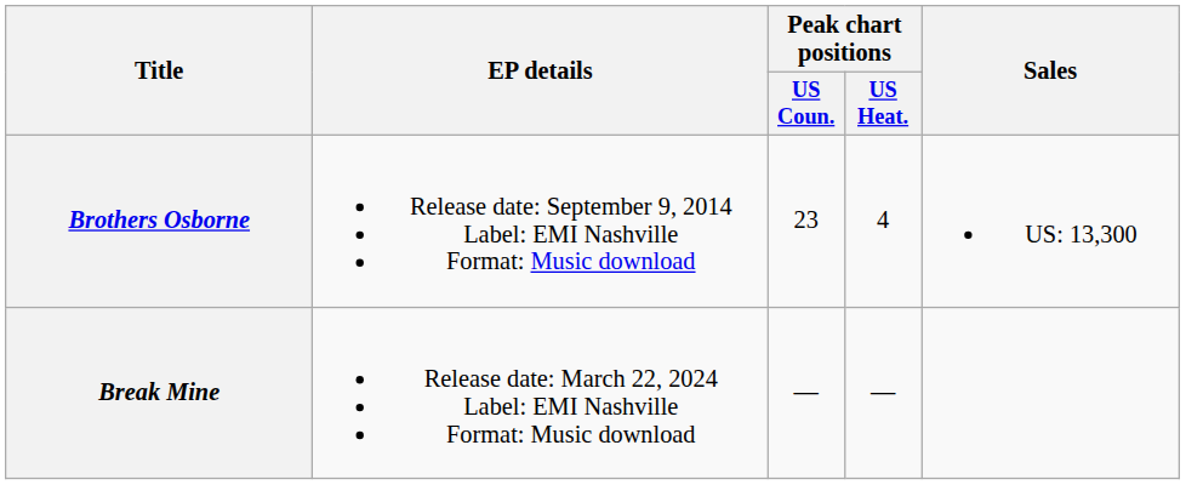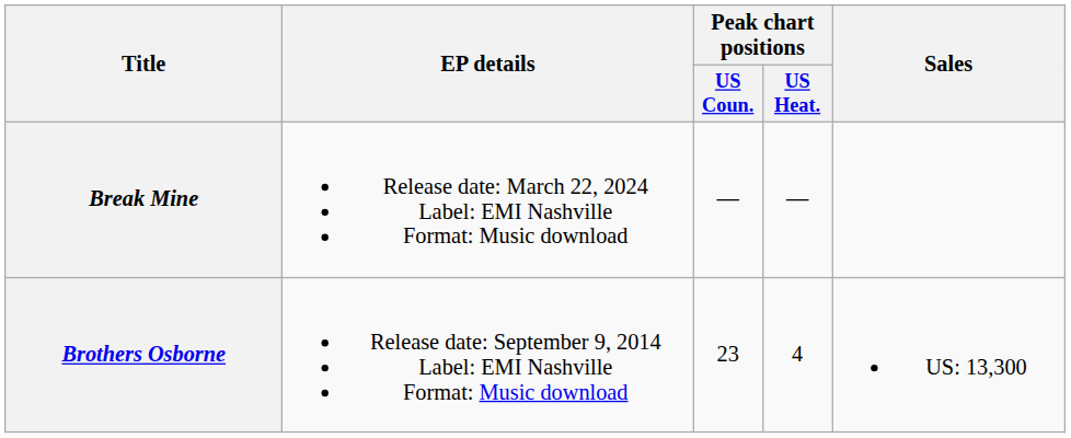 <table class="wikitable plainrowheaders" style="text-align:center;">
 <tr>
 <th scope="col" rowspan="2" style="width:12em;">Title</th>
 <th scope="col" rowspan="2" style="width:18em;">EP details</th>
 <th scope="col" colspan="2">Peak chart positions</th>
 <th scope="col" rowspan="2" style="width:10em;">Sales</th>
 </tr>
 <tr>
 <th scope="col" style="width:3em;font-size:90%;"><a href='#'>US<br>Coun.</a><br></th>
 <th scope="col" style="width:3em;font-size:90%;"><a href='#'>US<br>Heat.</a><br></th>
 </tr>
 <tr>
+<th scope="row"><em>Break Mine</em></th>
+<td><br><ul><li>Release date: March 22, 2024</li><li>Label: EMI Nashville</li><li>Format: Music download</li></ul></td>
+<td>—</td>
+<td>—</td>
+<td></td>
+</tr>
+<tr>
 <th scope="row"><em><a href='#'>Brothers Osborne</a></em></th>
 <td><br><ul><li>Release date: September 9, 2014</li><li>Label: EMI Nashville</li><li>Format: <a href='#'>Music download</a></li></ul></td>
 <td>23</td>
 <td>4</td>
 <td><br><ul><li>US: 13,300</li></ul></td>
 </tr>
-<tr>
-<th scope="row"><em>Break Mine</em></th>
-<td><br><ul><li>Release date: March 22, 2024</li><li>Label: EMI Nashville</li><li>Format: Music download</li></ul></td>
-<td>—</td>
-<td>—</td>
-<td></td>
-</tr>
 </table>
